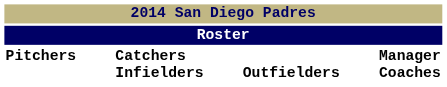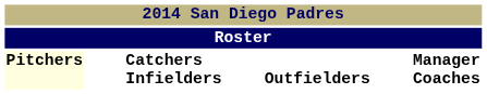 <table class="toccolours" style="font-size: 95%;">
 <tr>
 <th colspan="10" style="background-color: #C1B784; color: #000066; text-align: center;">2014 San Diego Padres</th>
 </tr>
 <tr>
 <td colspan="10" style="background-color: #000066; color: #FFFFFF; text-align: center;"><strong>Roster</strong></td>
 </tr>
 <tr>
-<td valign="top"><strong>Pitchers</strong><br>                       </td>
+<td valign="top" style="background: lightyellow;"><strong>Pitchers</strong><br>                       </td>
 <td width="25px"></td>
 <td valign="top"><strong>Catchers</strong><br>    <strong>Infielders</strong>              </td>
 <td width="25px"></td>
 <td valign="top"><br><strong>Outfielders</strong>         </td>
 <td width="25px"></td>
 <td valign="top"><strong>Manager</strong><br> <strong>Coaches</strong>                  </td>
 </tr>
 </table>
